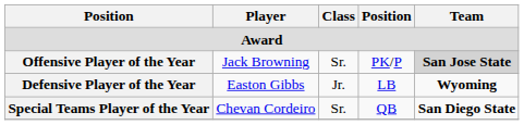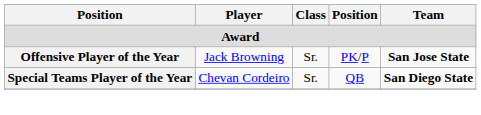 <table class="wikitable">
 <tr>
 <th>Position</th>
 <th>Player</th>
 <th>Class</th>
 <th>Position</th>
 <th>Team</th>
 </tr>
 <tr>
 <td colspan="5" style="text-align:center; background:#ddd;"><strong>Award</strong></td>
 </tr>
 <tr style="text-align:center;">
 <th rowspan="1">Offensive Player of the Year</th>
 <td><a href='#'>Jack Browning</a></td>
 <td>Sr.</td>
 <td><a href='#'>PK</a>/<a href='#'>P</a></td>
-<td style="background: lightgrey;"><strong>San Jose State</strong></td>
-</tr>
-<tr style="text-align:center;">
-<th rowspan="1">Defensive Player of the Year</th>
-<td><a href='#'>Easton Gibbs</a></td>
-<td>Jr.</td>
-<td><a href='#'>LB</a></td>
-<td><strong>Wyoming</strong></td>
+<td><strong>San Jose State</strong></td>
 </tr>
 <tr style="text-align:center;">
 <th rowspan="1">Special Teams Player of the Year</th>
 <td><a href='#'>Chevan Cordeiro</a></td>
 <td>Sr.</td>
 <td><a href='#'>QB</a></td>
 <td><strong>San Diego State</strong></td>
 </tr>
 <tr>
 </tr>
 </table>
